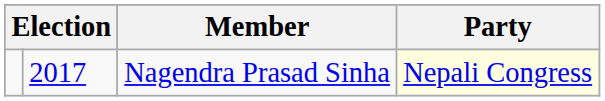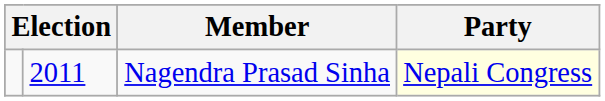 <table class="wikitable">
 <tr>
 <th colspan="2">Election</th>
 <th>Member</th>
 <th>Party</th>
 </tr>
 <tr>
 <td style="background-color:"></td>
-<td><a href='#'>2017</a></td>
+<td><a href='#'>2011</a></td>
 <td><a href='#'>Nagendra Prasad Sinha</a></td>
 <td style="background: lightyellow;"><a href='#'>Nepali Congress</a></td>
 </tr>
 </table>
